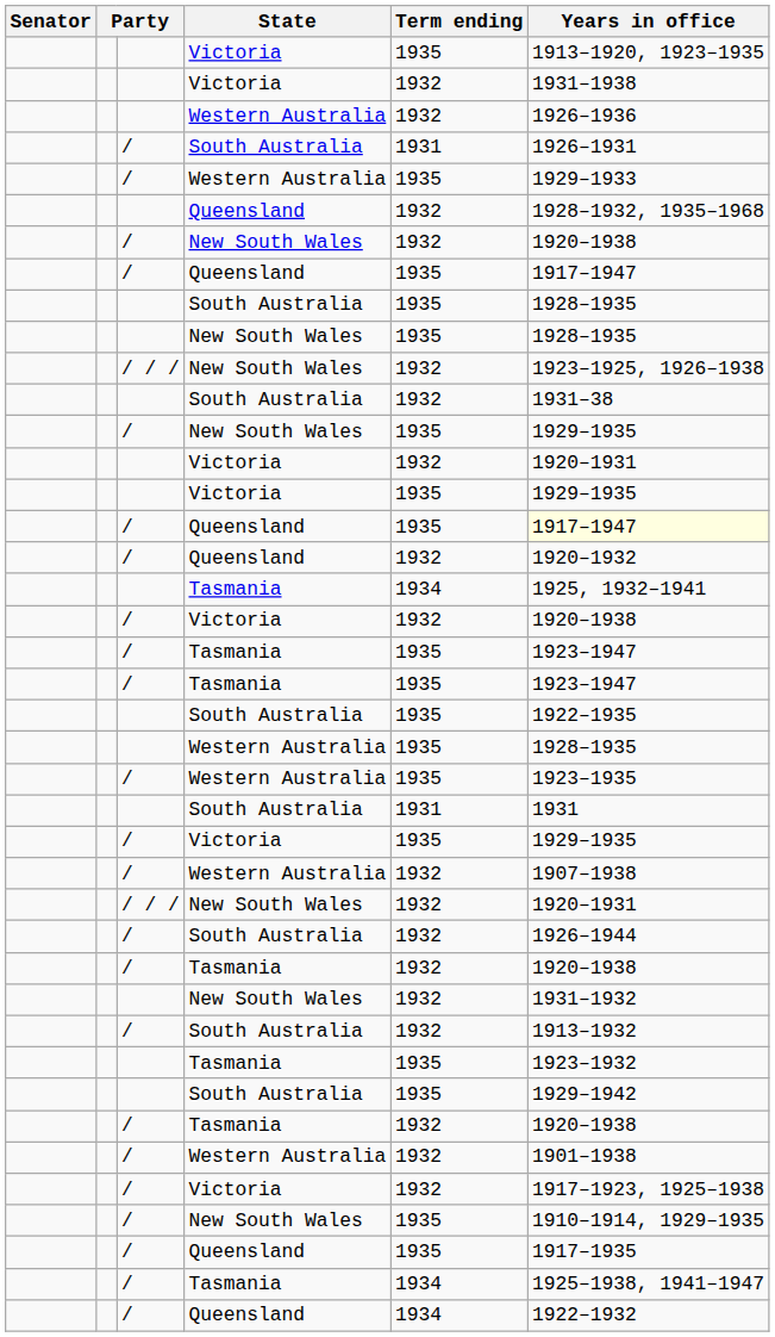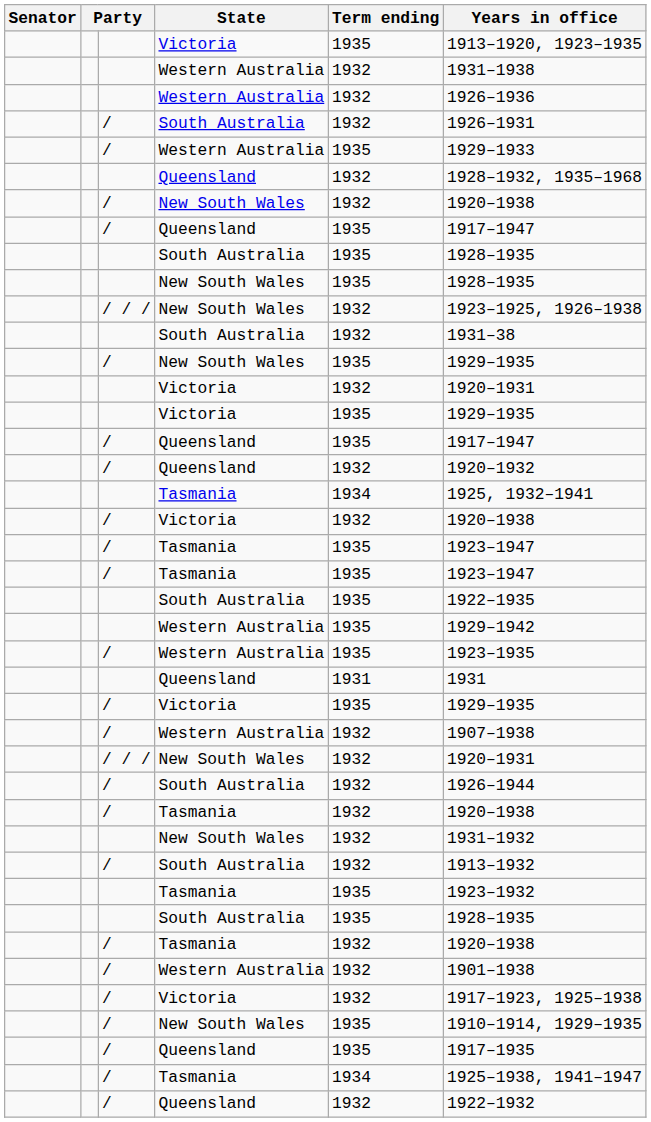 <table class="wikitable sortable">
 <tr>
 <th>Senator</th>
 <th colspan=2>Party</th>
 <th>State</th>
 <th>Term ending</th>
 <th>Years in office</th>
 </tr>
 <tr>
 <td></td>
 <td> </td>
 <td></td>
 <td><a href='#'>Victoria</a></td>
 <td>1935</td>
 <td>1913–1920, 1923–1935</td>
 </tr>
 <tr>
 <td> </td>
 <td> </td>
 <td></td>
-<td>Victoria</td>
+<td>Western Australia</td>
 <td>1932</td>
 <td>1931–1938</td>
 </tr>
 <tr>
 <td></td>
 <td> </td>
 <td></td>
 <td><a href='#'>Western Australia</a></td>
 <td>1932</td>
 <td>1926–1936</td>
 </tr>
 <tr>
 <td> </td>
 <td> </td>
 <td> /</td>
 <td><a href='#'>South Australia</a></td>
-<td>1931</td>
+<td>1932</td>
 <td>1926–1931</td>
 </tr>
 <tr>
 <td></td>
 <td> </td>
 <td> /</td>
 <td>Western Australia</td>
 <td>1935</td>
 <td>1929–1933</td>
 </tr>
 <tr>
 <td></td>
 <td> </td>
 <td></td>
 <td><a href='#'>Queensland</a></td>
 <td>1932</td>
 <td>1928–1932, 1935–1968</td>
 </tr>
 <tr>
 <td></td>
 <td> </td>
 <td> /</td>
 <td><a href='#'>New South Wales</a></td>
 <td>1932</td>
 <td>1920–1938</td>
 </tr>
 <tr>
 <td></td>
 <td> </td>
 <td> /</td>
 <td>Queensland</td>
 <td>1935</td>
 <td>1917–1947</td>
 </tr>
 <tr>
 <td></td>
 <td> </td>
 <td></td>
 <td>South Australia</td>
 <td>1935</td>
 <td>1928–1935</td>
 </tr>
 <tr>
 <td></td>
 <td> </td>
 <td></td>
 <td>New South Wales</td>
 <td>1935</td>
 <td>1928–1935</td>
 </tr>
 <tr>
 <td> </td>
 <td> </td>
 <td> /  /  / </td>
 <td>New South Wales</td>
 <td>1932</td>
 <td>1923–1925, 1926–1938</td>
 </tr>
 <tr>
 <td> </td>
 <td> </td>
 <td></td>
 <td>South Australia</td>
 <td>1932</td>
 <td>1931–38</td>
 </tr>
 <tr>
 <td></td>
 <td> </td>
 <td>/</td>
 <td>New South Wales</td>
 <td>1935</td>
 <td>1929–1935</td>
 </tr>
 <tr>
 <td> </td>
 <td> </td>
 <td></td>
 <td>Victoria</td>
 <td>1932</td>
 <td>1920–1931</td>
 </tr>
 <tr>
 <td></td>
 <td> </td>
 <td></td>
 <td>Victoria</td>
 <td>1935</td>
 <td>1929–1935</td>
 </tr>
 <tr>
 <td></td>
 <td> </td>
 <td> /</td>
 <td>Queensland</td>
 <td>1935</td>
-<td style="background: lightyellow;">1917–1947</td>
+<td>1917–1947</td>
 </tr>
 <tr>
 <td></td>
 <td> </td>
 <td> /</td>
 <td>Queensland</td>
 <td>1932</td>
 <td>1920–1932</td>
 </tr>
 <tr>
 <td> </td>
 <td> </td>
 <td></td>
 <td><a href='#'>Tasmania</a></td>
 <td>1934</td>
 <td>1925, 1932–1941</td>
 </tr>
 <tr>
 <td></td>
 <td> </td>
 <td> /</td>
 <td>Victoria</td>
 <td>1932</td>
 <td>1920–1938</td>
 </tr>
 <tr>
 <td></td>
 <td> </td>
 <td> /</td>
 <td>Tasmania</td>
 <td>1935</td>
 <td>1923–1947</td>
 </tr>
 <tr>
 <td></td>
 <td> </td>
 <td> /</td>
 <td>Tasmania</td>
 <td>1935</td>
 <td>1923–1947</td>
 </tr>
 <tr>
 <td></td>
 <td> </td>
 <td></td>
 <td>South Australia</td>
 <td>1935</td>
 <td>1922–1935</td>
 </tr>
 <tr>
 <td></td>
 <td> </td>
 <td></td>
 <td>Western Australia</td>
 <td>1935</td>
-<td>1928–1935</td>
+<td>1929–1942</td>
 </tr>
 <tr>
 <td></td>
 <td> </td>
 <td> /</td>
 <td>Western Australia</td>
 <td>1935</td>
 <td>1923–1935</td>
 </tr>
 <tr>
 <td> </td>
 <td> </td>
 <td></td>
-<td>South Australia</td>
+<td>Queensland</td>
 <td>1931</td>
 <td>1931</td>
 </tr>
 <tr>
 <td></td>
 <td> </td>
 <td> /</td>
 <td>Victoria</td>
 <td>1935</td>
 <td>1929–1935</td>
 </tr>
 <tr>
 <td></td>
 <td> </td>
 <td> /</td>
 <td>Western Australia</td>
 <td>1932</td>
 <td>1907–1938</td>
 </tr>
 <tr>
 <td></td>
 <td> </td>
 <td> /  /  / </td>
 <td>New South Wales</td>
 <td>1932</td>
 <td>1920–1931</td>
 </tr>
 <tr>
 <td></td>
 <td> </td>
 <td> /</td>
 <td>South Australia</td>
 <td>1932</td>
 <td>1926–1944</td>
 </tr>
 <tr>
 <td></td>
 <td> </td>
 <td> /</td>
 <td>Tasmania</td>
 <td>1932</td>
 <td>1920–1938</td>
 </tr>
 <tr>
 <td> </td>
 <td> </td>
 <td></td>
 <td>New South Wales</td>
 <td>1932</td>
 <td>1931–1932</td>
 </tr>
 <tr>
 <td></td>
 <td> </td>
 <td> /</td>
 <td>South Australia</td>
 <td>1932</td>
 <td>1913–1932</td>
 </tr>
 <tr>
 <td> </td>
 <td> </td>
 <td></td>
 <td>Tasmania</td>
 <td>1935</td>
 <td>1923–1932</td>
 </tr>
 <tr>
 <td></td>
 <td> </td>
 <td></td>
 <td>South Australia</td>
 <td>1935</td>
-<td>1929–1942</td>
+<td>1928–1935</td>
 </tr>
 <tr>
 <td></td>
 <td> </td>
 <td> /</td>
 <td>Tasmania</td>
 <td>1932</td>
 <td>1920–1938</td>
 </tr>
 <tr>
 <td> </td>
 <td> </td>
 <td> /</td>
 <td>Western Australia</td>
 <td>1932</td>
 <td>1901–1938</td>
 </tr>
 <tr>
 <td></td>
 <td> </td>
 <td> /</td>
 <td>Victoria</td>
 <td>1932</td>
 <td>1917–1923, 1925–1938</td>
 </tr>
 <tr>
 <td></td>
 <td> </td>
 <td>/</td>
 <td>New South Wales</td>
 <td>1935</td>
 <td>1910–1914, 1929–1935</td>
 </tr>
 <tr>
 <td></td>
 <td> </td>
 <td> /</td>
 <td>Queensland</td>
 <td>1935</td>
 <td>1917–1935</td>
 </tr>
 <tr>
 <td></td>
 <td> </td>
 <td> /</td>
 <td>Tasmania</td>
 <td>1934</td>
 <td>1925–1938, 1941–1947</td>
 </tr>
 <tr>
 <td></td>
 <td> </td>
 <td> /</td>
 <td>Queensland</td>
-<td>1934</td>
+<td>1932</td>
 <td>1922–1932</td>
 </tr>
 </table>
